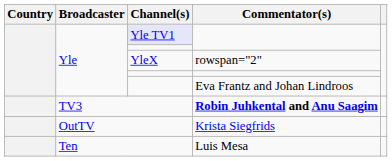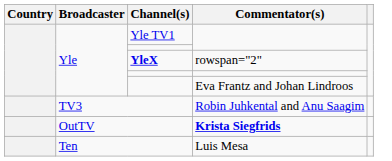 <table class="wikitable plainrowheaders">
 <tr>
 <th>Country</th>
 <th>Broadcaster</th>
 <th>Channel(s)</th>
 <th>Commentator(s)</th>
 <th></th>
 </tr>
 <tr>
 <th scope="row" rowspan="5"></th>
 <td rowspan="5"><a href='#'>Yle</a></td>
-<td style="background: lavender;"><a href='#'>Yle TV1</a></td>
+<td><a href='#'>Yle TV1</a></td>
 <td rowspan="2"></td>
 <td rowspan="5"></td>
 </tr>
 <tr>
 <td></td>
 </tr>
 <tr>
-<td><a href='#'>YleX</a></td>
+<td><strong><a href='#'>YleX</a></strong></td>
 <td>rowspan="2" </td>
 </tr>
 <tr>
 <td></td>
 </tr>
 <tr>
 <td></td>
 <td>Eva Frantz and Johan Lindroos </td>
 </tr>
 <tr>
 <th scope="row"></th>
 <td colspan="2"><a href='#'>TV3</a></td>
-<td><strong><a href='#'>Robin Juhkental</a> and <a href='#'>Anu Saagim</a></strong></td>
+<td><a href='#'>Robin Juhkental</a> and <a href='#'>Anu Saagim</a></td>
 <td></td>
 </tr>
 <tr>
 <th scope="row"></th>
 <td colspan="2"><a href='#'>OutTV</a></td>
-<td><a href='#'>Krista Siegfrids</a></td>
+<td><strong><a href='#'>Krista Siegfrids</a></strong></td>
 <td></td>
 </tr>
 <tr>
 <th scope="row"></th>
 <td colspan="2"><a href='#'>Ten</a></td>
 <td>Luis Mesa</td>
 <td></td>
 </tr>
 </table>
